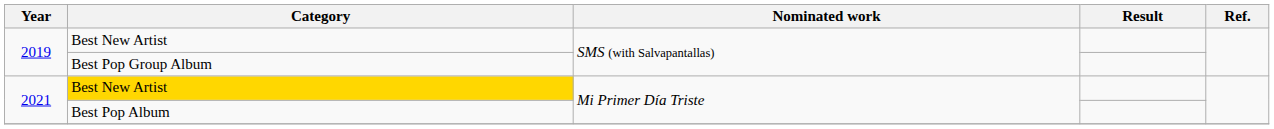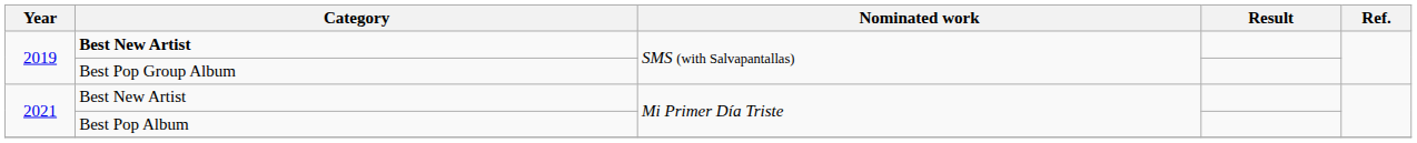 <table class="wikitable" style="width:85%;">
 <tr>
 <th width=5%>Year</th>
 <th style="width:40%;">Category</th>
 <th style="width:40%;">Nominated work</th>
 <th style="width:10%;">Result</th>
 <th style="width:5%;">Ref.</th>
 </tr>
 <tr>
 <td rowspan="2" style="text-align:center;"><a href='#'>2019</a></td>
-<td>Best New Artist</td>
+<td><strong>Best New Artist</strong></td>
 <td rowspan="2"><em>SMS</em> <small>(with Salvapantallas)</small></td>
 <td></td>
 <td rowspan="2"></td>
 </tr>
 <tr>
 <td>Best Pop Group Album</td>
 <td></td>
 </tr>
 <tr>
 <td rowspan="2" style="text-align:center;"><a href='#'>2021</a></td>
-<td style="background: gold;">Best New Artist</td>
+<td>Best New Artist</td>
 <td rowspan="2"><em>Mi Primer Día Triste</em></td>
 <td></td>
 <td rowspan="2"></td>
 </tr>
 <tr>
 <td>Best Pop Album</td>
 <td></td>
 </tr>
 <tr>
 </tr>
 </table>
